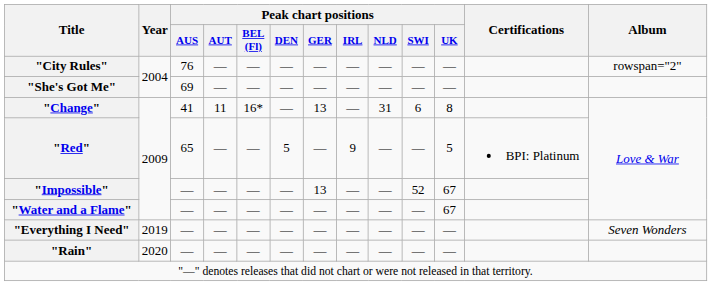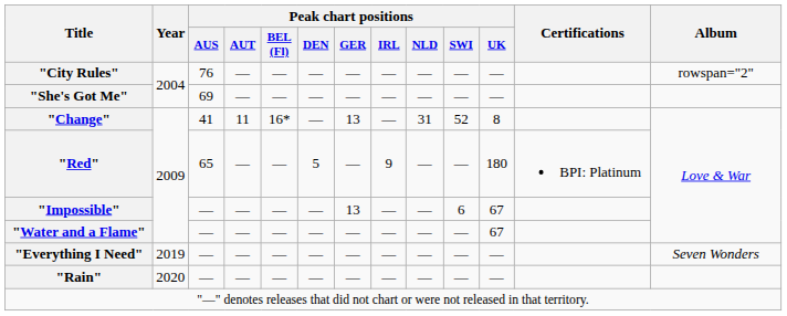 <table class="wikitable plainrowheaders" style="text-align:center;">
 <tr>
 <th scope="col" rowspan="2" style="width:14em;">Title</th>
 <th scope="col" rowspan="2" style="width:1em;">Year</th>
 <th scope="col" colspan="9">Peak chart positions</th>
 <th scope="col" rowspan="2" style="width:12em;">Certifications</th>
 <th scope="col" rowspan="2" style="width:12em;">Album</th>
 </tr>
 <tr>
 <th style="width:3em;font-size:85%"><a href='#'>AUS</a><br></th>
 <th style="width:3em;font-size:85%"><a href='#'>AUT</a></th>
 <th style="width:3em;font-size:85%"><a href='#'>BEL<br>(Fl)</a></th>
 <th style="width:3em;font-size:85%"><a href='#'>DEN</a></th>
 <th style="width:3em;font-size:85%"><a href='#'>GER</a></th>
 <th style="width:3em;font-size:85%"><a href='#'>IRL</a></th>
 <th style="width:3em;font-size:85%"><a href='#'>NLD</a></th>
 <th style="width:3em;font-size:85%"><a href='#'>SWI</a></th>
 <th style="width:3em;font-size:85%"><a href='#'>UK</a></th>
 </tr>
 <tr>
 <th scope="row">"City Rules"<br></th>
 <td rowspan="2">2004</td>
 <td>76</td>
 <td>—</td>
 <td>—</td>
 <td>—</td>
 <td>—</td>
 <td>—</td>
 <td>—</td>
 <td>—</td>
 <td>—</td>
 <td></td>
 <td>rowspan="2" </td>
 </tr>
 <tr>
 <th scope="row">"She's Got Me"</th>
 <td>69</td>
 <td>—</td>
 <td>—</td>
 <td>—</td>
 <td>—</td>
 <td>—</td>
 <td>—</td>
 <td>—</td>
 <td>—</td>
 <td></td>
 </tr>
 <tr>
 <th scope="row">"<a href='#'>Change</a>"<br></th>
 <td rowspan="4">2009</td>
 <td>41</td>
 <td>11</td>
 <td>16*<br></td>
 <td>—</td>
 <td>13</td>
 <td>—</td>
 <td>31</td>
-<td>6</td>
+<td>52</td>
 <td>8</td>
 <td></td>
 <td rowspan="4"><em><a href='#'>Love & War</a></em></td>
 </tr>
 <tr>
 <th scope="row">"<a href='#'>Red</a>"</th>
 <td>65</td>
 <td>—</td>
 <td>—</td>
 <td>5</td>
 <td>—</td>
 <td>9</td>
 <td>—</td>
 <td>—</td>
-<td>5</td>
+<td>180</td>
 <td><br><ul><li>BPI: Platinum</li></ul></td>
 </tr>
 <tr>
 <th scope="row">"<a href='#'>Impossible</a>"</th>
 <td>—</td>
 <td>—</td>
 <td>—</td>
 <td>—</td>
 <td>13</td>
 <td>—</td>
 <td>—</td>
-<td>52</td>
+<td>6</td>
 <td>67</td>
 <td></td>
 </tr>
 <tr>
 <th scope="row">"<a href='#'>Water and a Flame</a>" <br></th>
 <td>—</td>
 <td>—</td>
 <td>—</td>
 <td>—</td>
 <td>—</td>
 <td>—</td>
 <td>—</td>
 <td>—</td>
 <td>67</td>
 <td></td>
 </tr>
 <tr>
 <th scope="row">"Everything I Need"</th>
 <td>2019</td>
 <td>—</td>
 <td>—</td>
 <td>—</td>
 <td>—</td>
 <td>—</td>
 <td>—</td>
 <td>—</td>
 <td>—</td>
 <td>—</td>
 <td></td>
 <td><em>Seven Wonders</em> <br></td>
 </tr>
 <tr>
 <th scope="row">"Rain"</th>
 <td>2020</td>
 <td>—</td>
 <td>—</td>
 <td>—</td>
 <td>—</td>
 <td>—</td>
 <td>—</td>
 <td>—</td>
 <td>—</td>
 <td>—</td>
 <td></td>
 <td></td>
 </tr>
 <tr>
 <td colspan="14" style="font-size:90%">"—" denotes releases that did not chart or were not released in that territory.</td>
 </tr>
 </table>
